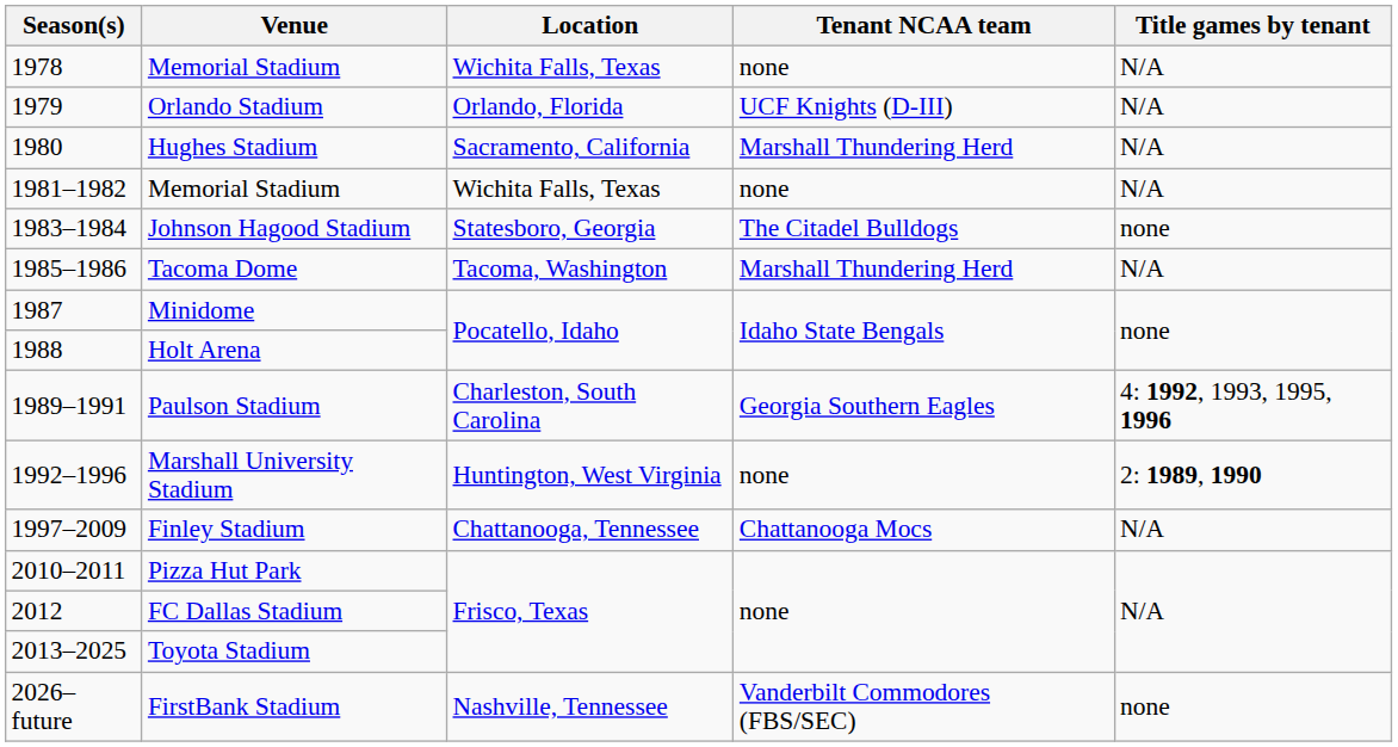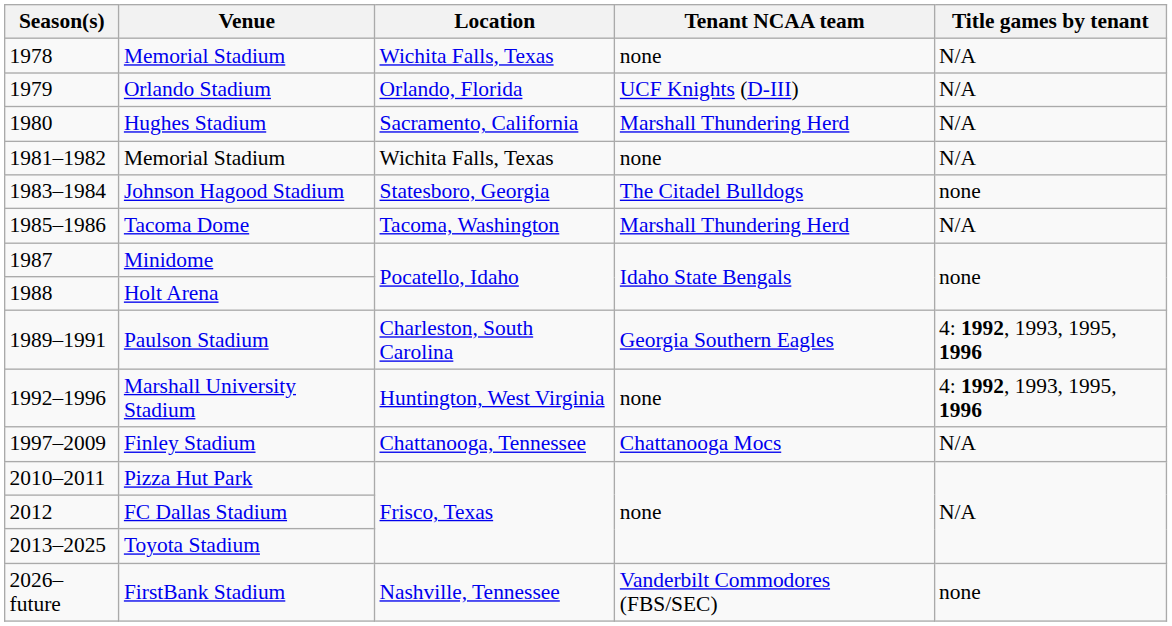 <table class="wikitable" style="text-align:left; font-size: %;">
 <tr>
 <th width=px>Season(s)</th>
 <th width=px>Venue</th>
 <th width=px>Location</th>
 <th width=px>Tenant NCAA team</th>
 <th width=px>Title games by tenant</th>
 </tr>
 <tr>
 <td>1978</td>
 <td><a href='#'>Memorial Stadium</a></td>
 <td><a href='#'>Wichita Falls, Texas</a></td>
 <td>none</td>
 <td>N/A</td>
 </tr>
 <tr>
 <td>1979</td>
 <td><a href='#'>Orlando Stadium</a></td>
 <td><a href='#'>Orlando, Florida</a></td>
 <td><a href='#'>UCF Knights</a> (<a href='#'>D-III</a>)</td>
 <td>N/A</td>
 </tr>
 <tr>
 <td>1980</td>
 <td><a href='#'>Hughes Stadium</a></td>
 <td><a href='#'>Sacramento, California</a></td>
 <td><a href='#'>Marshall Thundering Herd</a></td>
 <td>N/A</td>
 </tr>
 <tr>
 <td>1981–1982</td>
 <td>Memorial Stadium</td>
 <td>Wichita Falls, Texas</td>
 <td>none</td>
 <td>N/A</td>
 </tr>
 <tr>
 <td>1983–1984</td>
 <td><a href='#'>Johnson Hagood Stadium</a></td>
 <td><a href='#'>Statesboro, Georgia</a></td>
 <td><a href='#'>The Citadel Bulldogs</a></td>
 <td>none</td>
 </tr>
 <tr>
 <td>1985–1986</td>
 <td><a href='#'>Tacoma Dome</a></td>
 <td><a href='#'>Tacoma, Washington</a></td>
 <td><a href='#'>Marshall Thundering Herd</a></td>
 <td>N/A</td>
 </tr>
 <tr>
 <td>1987</td>
 <td><a href='#'>Minidome</a></td>
 <td rowspan=2><a href='#'>Pocatello, Idaho</a></td>
 <td rowspan=2><a href='#'>Idaho State Bengals</a></td>
 <td rowspan=2>none</td>
 </tr>
 <tr>
 <td>1988</td>
 <td><a href='#'>Holt Arena</a></td>
 </tr>
 <tr>
 <td>1989–1991</td>
 <td><a href='#'>Paulson Stadium</a></td>
 <td><a href='#'>Charleston, South Carolina</a></td>
 <td><a href='#'>Georgia Southern Eagles</a></td>
 <td>4: <strong>1992</strong>, 1993, 1995, <strong>1996</strong></td>
 </tr>
 <tr>
 <td>1992–1996</td>
 <td><a href='#'>Marshall University Stadium</a></td>
 <td><a href='#'>Huntington, West Virginia</a></td>
 <td>none</td>
-<td>2: <strong>1989</strong>, <strong>1990</strong></td>
+<td>4: <strong>1992</strong>, 1993, 1995, <strong>1996</strong></td>
 </tr>
 <tr>
 <td>1997–2009</td>
 <td><a href='#'>Finley Stadium</a></td>
 <td><a href='#'>Chattanooga, Tennessee</a></td>
 <td><a href='#'>Chattanooga Mocs</a></td>
 <td>N/A</td>
 </tr>
 <tr>
 <td>2010–2011</td>
 <td><a href='#'>Pizza Hut Park</a></td>
 <td rowspan=3><a href='#'>Frisco, Texas</a></td>
 <td rowspan=3>none</td>
 <td rowspan=3>N/A</td>
 </tr>
 <tr>
 <td>2012</td>
 <td><a href='#'>FC Dallas Stadium</a></td>
 </tr>
 <tr>
 <td>2013–2025</td>
 <td><a href='#'>Toyota Stadium</a></td>
 </tr>
 <tr>
 <td>2026–future</td>
 <td><a href='#'>FirstBank Stadium</a></td>
 <td><a href='#'>Nashville, Tennessee</a></td>
 <td><a href='#'>Vanderbilt Commodores</a> (FBS/SEC)</td>
 <td>none</td>
 </tr>
 </table>
